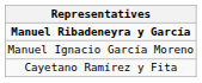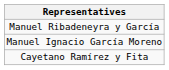 <table class="wikitable" style="text-align:center; ">
 <tr>
 <th>Representatives</th>
 </tr>
 <tr>
-<td><strong>Manuel Ribadeneyra y García</strong></td>
+<td>Manuel Ribadeneyra y García</td>
 </tr>
 <tr>
 <td>Manuel Ignacio García Moreno</td>
 </tr>
 <tr>
 <td>Cayetano Ramírez y Fita</td>
 </tr>
 </table>
